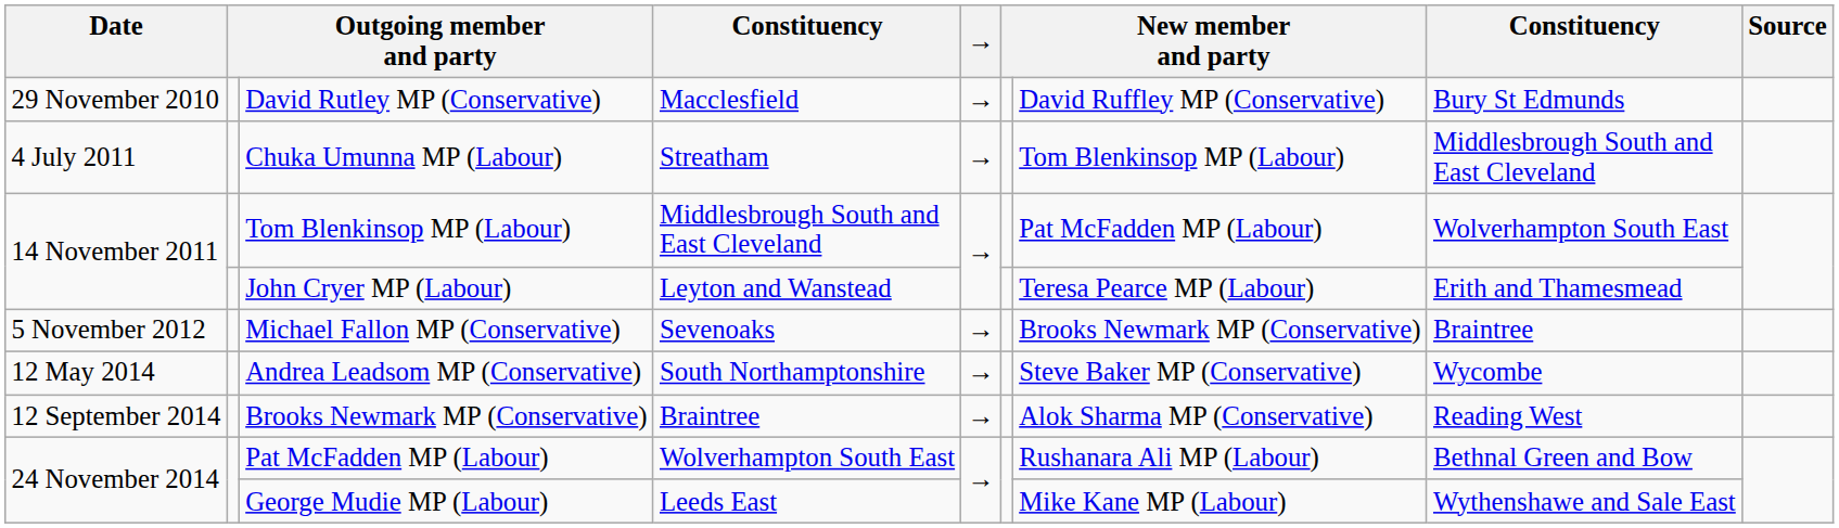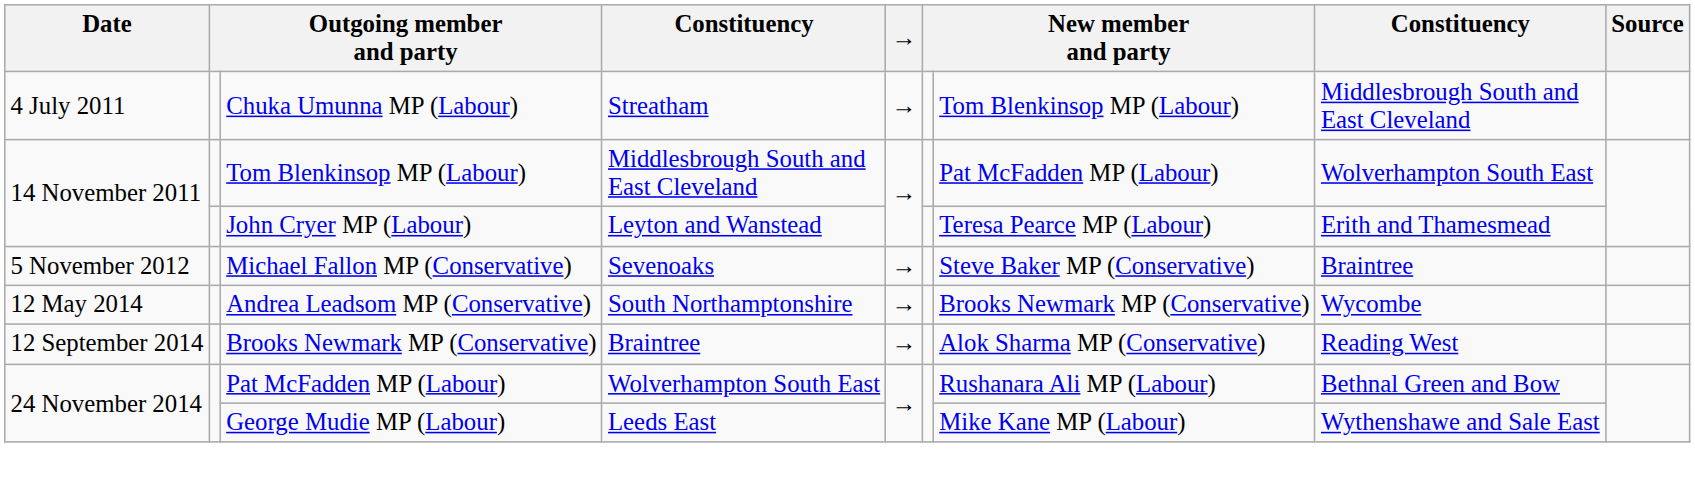 <table class="wikitable">
 <tr>
 <th valign="top">Date</th>
 <th colspan="2" valign="top">Outgoing member<br>and party</th>
 <th valign="top">Constituency</th>
 <th>→</th>
 <th colspan="2" valign="top">New member<br>and party</th>
 <th valign="top">Constituency</th>
 <th valign="top">Source</th>
-</tr>
-<tr>
-<td nowrap>29 November 2010</td>
-<td style="color:inherit;background:"></td>
-<td><a href='#'>David Rutley</a> MP (<a href='#'>Conservative</a>)</td>
-<td><a href='#'>Macclesfield</a></td>
-<td>→</td>
-<td style="color:inherit;background:"></td>
-<td><a href='#'>David Ruffley</a> MP (<a href='#'>Conservative</a>)</td>
-<td><a href='#'>Bury St Edmunds</a></td>
-<td></td>
 </tr>
 <tr>
 <td>4 July 2011</td>
 <td style="color:inherit;background:"></td>
 <td><a href='#'>Chuka Umunna</a> MP (<a href='#'>Labour</a>)</td>
 <td><a href='#'>Streatham</a></td>
 <td>→</td>
 <td style="color:inherit;background:"></td>
 <td><a href='#'>Tom Blenkinsop</a> MP (<a href='#'>Labour</a>)</td>
 <td><a href='#'>Middlesbrough South and<br>East Cleveland</a></td>
 <td></td>
 </tr>
 <tr>
 <td rowspan=2>14 November 2011</td>
 <td style="color:inherit;background:"></td>
 <td><a href='#'>Tom Blenkinsop</a> MP (<a href='#'>Labour</a>)</td>
 <td><a href='#'>Middlesbrough South and<br>East Cleveland</a></td>
 <td rowspan=2>→</td>
 <td style="color:inherit;background:"></td>
 <td><a href='#'>Pat McFadden</a> MP (<a href='#'>Labour</a>)</td>
 <td><a href='#'>Wolverhampton South East</a></td>
 <td rowspan=2></td>
 </tr>
 <tr>
 <td style="color:inherit;background:"></td>
 <td><a href='#'>John Cryer</a> MP (<a href='#'>Labour</a>)</td>
 <td><a href='#'>Leyton and Wanstead</a></td>
 <td style="color:inherit;background:"></td>
 <td><a href='#'>Teresa Pearce</a> MP (<a href='#'>Labour</a>)</td>
 <td><a href='#'>Erith and Thamesmead</a></td>
 </tr>
 <tr>
 <td>5 November 2012</td>
 <td style="color:inherit;background:"></td>
 <td><a href='#'>Michael Fallon</a> MP (<a href='#'>Conservative</a>)</td>
 <td><a href='#'>Sevenoaks</a></td>
 <td>→</td>
 <td style="color:inherit;background:"></td>
-<td><a href='#'>Brooks Newmark</a> MP (<a href='#'>Conservative</a>)</td>
+<td><a href='#'>Steve Baker</a> MP (<a href='#'>Conservative</a>)</td>
 <td><a href='#'>Braintree</a></td>
 <td></td>
 </tr>
 <tr>
 <td>12 May 2014</td>
 <td style="color:inherit;background:"></td>
 <td><a href='#'>Andrea Leadsom</a> MP (<a href='#'>Conservative</a>)</td>
 <td><a href='#'>South Northamptonshire</a></td>
 <td>→</td>
 <td style="color:inherit;background:"></td>
-<td><a href='#'>Steve Baker</a> MP (<a href='#'>Conservative</a>)</td>
+<td><a href='#'>Brooks Newmark</a> MP (<a href='#'>Conservative</a>)</td>
 <td><a href='#'>Wycombe</a></td>
 <td></td>
 </tr>
 <tr>
 <td>12 September 2014</td>
 <td style="color:inherit;background:"></td>
 <td><a href='#'>Brooks Newmark</a> MP (<a href='#'>Conservative</a>)</td>
 <td><a href='#'>Braintree</a></td>
 <td>→</td>
 <td style="color:inherit;background:"></td>
 <td><a href='#'>Alok Sharma</a> MP (<a href='#'>Conservative</a>)</td>
 <td><a href='#'>Reading West</a></td>
 <td></td>
 </tr>
 <tr>
 <td rowspan=2>24 November 2014</td>
 <td rowspan=2 style="color:inherit;background:"></td>
 <td><a href='#'>Pat McFadden</a> MP (<a href='#'>Labour</a>)</td>
 <td><a href='#'>Wolverhampton South East</a></td>
 <td rowspan=2>→</td>
 <td rowspan=2 style="color:inherit;background:"></td>
 <td><a href='#'>Rushanara Ali</a> MP (<a href='#'>Labour</a>)</td>
 <td><a href='#'>Bethnal Green and Bow</a></td>
 <td rowspan=2></td>
 </tr>
 <tr>
 <td><a href='#'>George Mudie</a> MP (<a href='#'>Labour</a>)</td>
 <td><a href='#'>Leeds East</a></td>
 <td><a href='#'>Mike Kane</a> MP (<a href='#'>Labour</a>)</td>
 <td><a href='#'>Wythenshawe and Sale East</a></td>
 </tr>
 </table>
